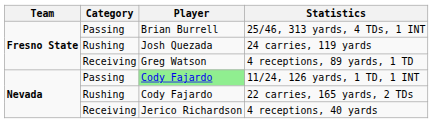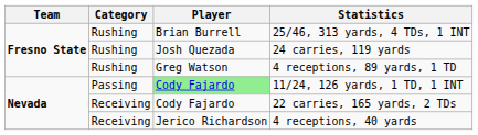 <table class="wikitable" style="float: left;">
 <tr>
 <th>Team</th>
 <th>Category</th>
 <th>Player</th>
 <th>Statistics</th>
 </tr>
 <tr>
 <td rowspan=3><strong>Fresno State</strong></td>
-<td>Passing</td>
+<td>Rushing</td>
 <td>Brian Burrell</td>
 <td>25/46, 313 yards, 4 TDs, 1 INT</td>
 </tr>
 <tr>
 <td>Rushing</td>
 <td>Josh Quezada</td>
 <td>24 carries, 119 yards</td>
 </tr>
 <tr>
-<td>Receiving</td>
+<td>Rushing</td>
 <td>Greg Watson</td>
 <td>4 receptions, 89 yards, 1 TD</td>
 </tr>
 <tr>
 <td rowspan=3><strong>Nevada</strong></td>
 <td>Passing</td>
 <td style="background: lightgreen;"><a href='#'>Cody Fajardo</a></td>
 <td>11/24, 126 yards, 1 TD, 1 INT</td>
 </tr>
 <tr>
-<td>Rushing</td>
+<td>Receiving</td>
 <td>Cody Fajardo</td>
 <td>22 carries, 165 yards, 2 TDs</td>
 </tr>
 <tr>
 <td>Receiving</td>
 <td>Jerico Richardson</td>
 <td>4 receptions, 40 yards</td>
 </tr>
 </table>
